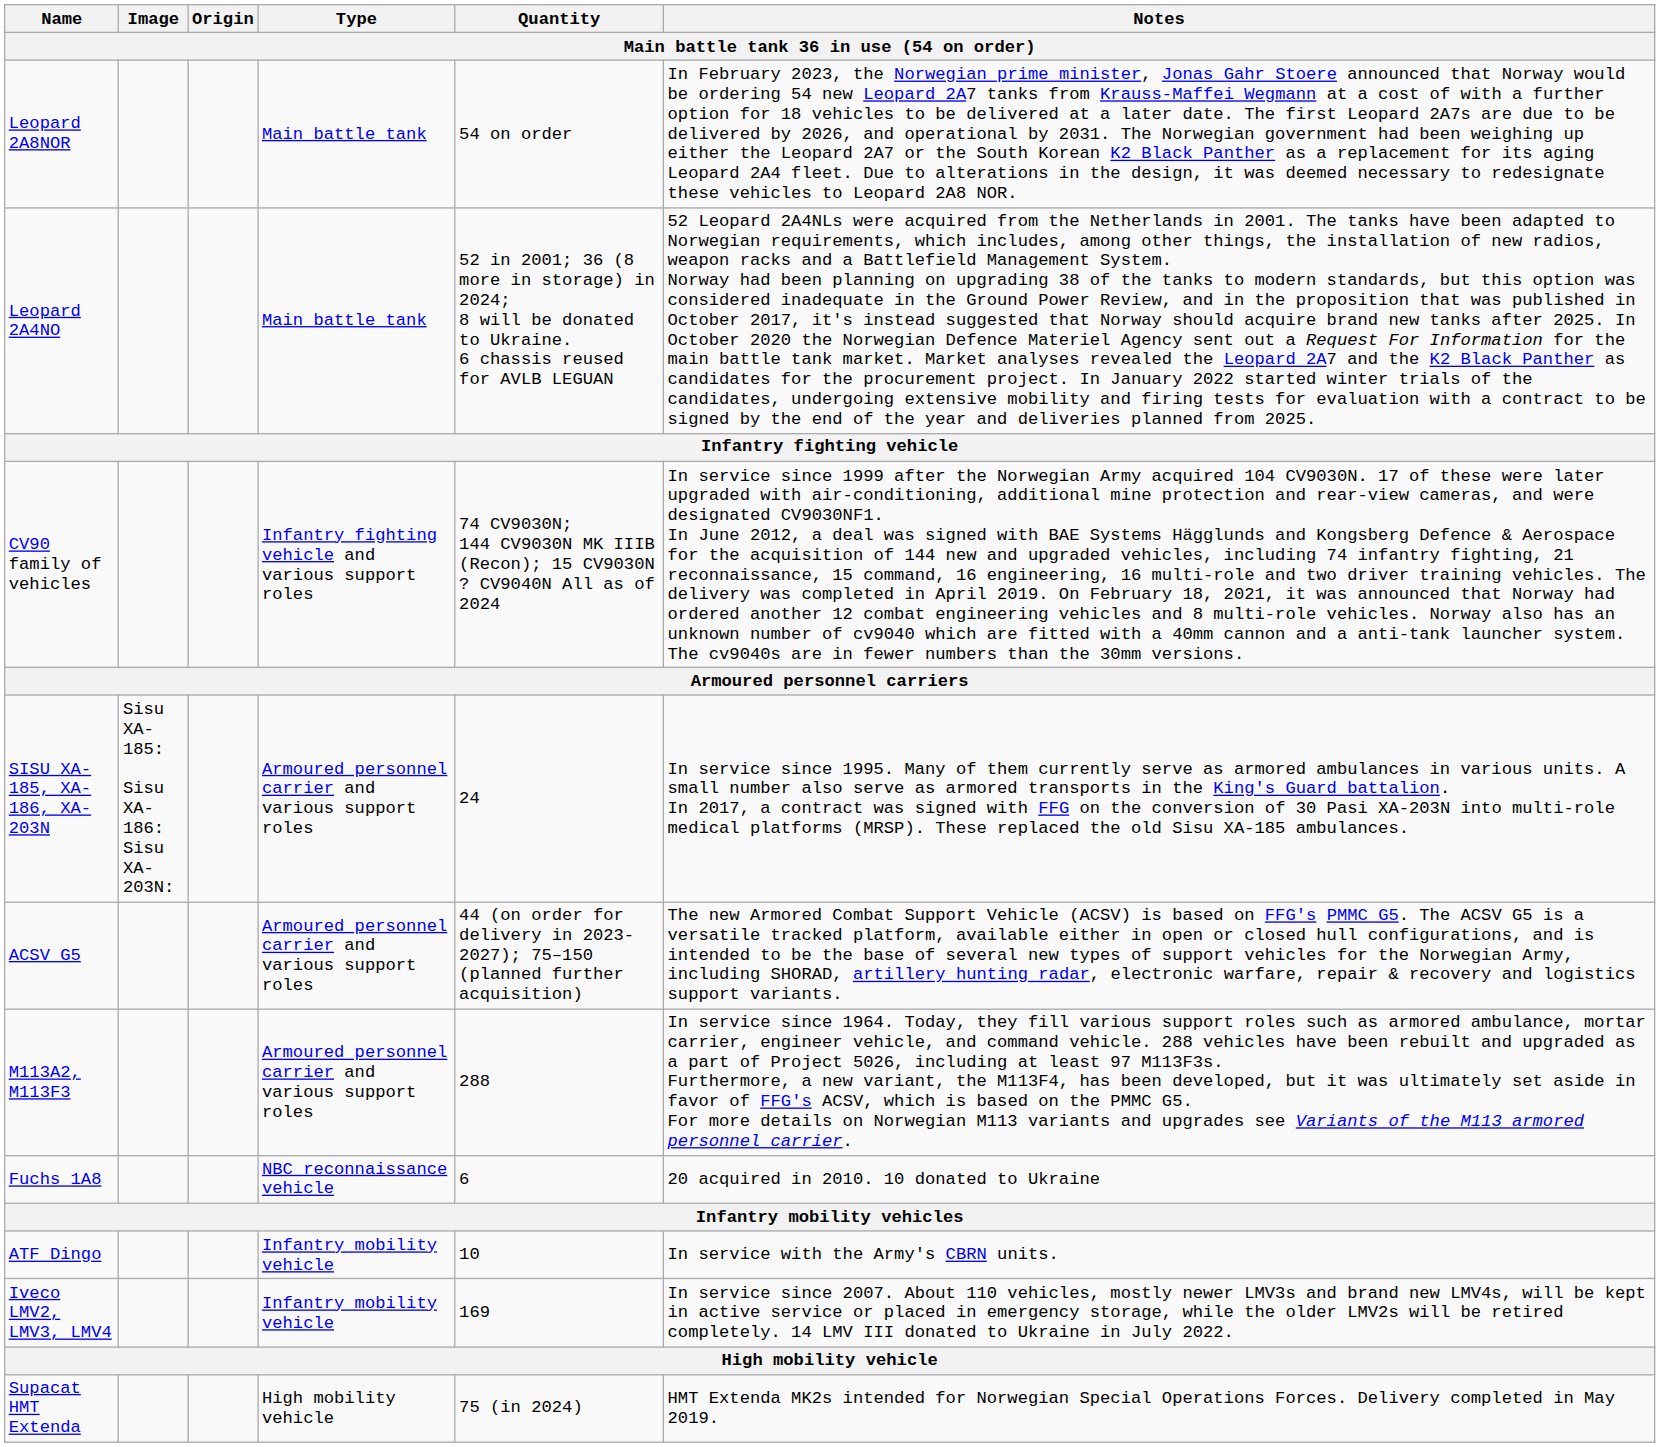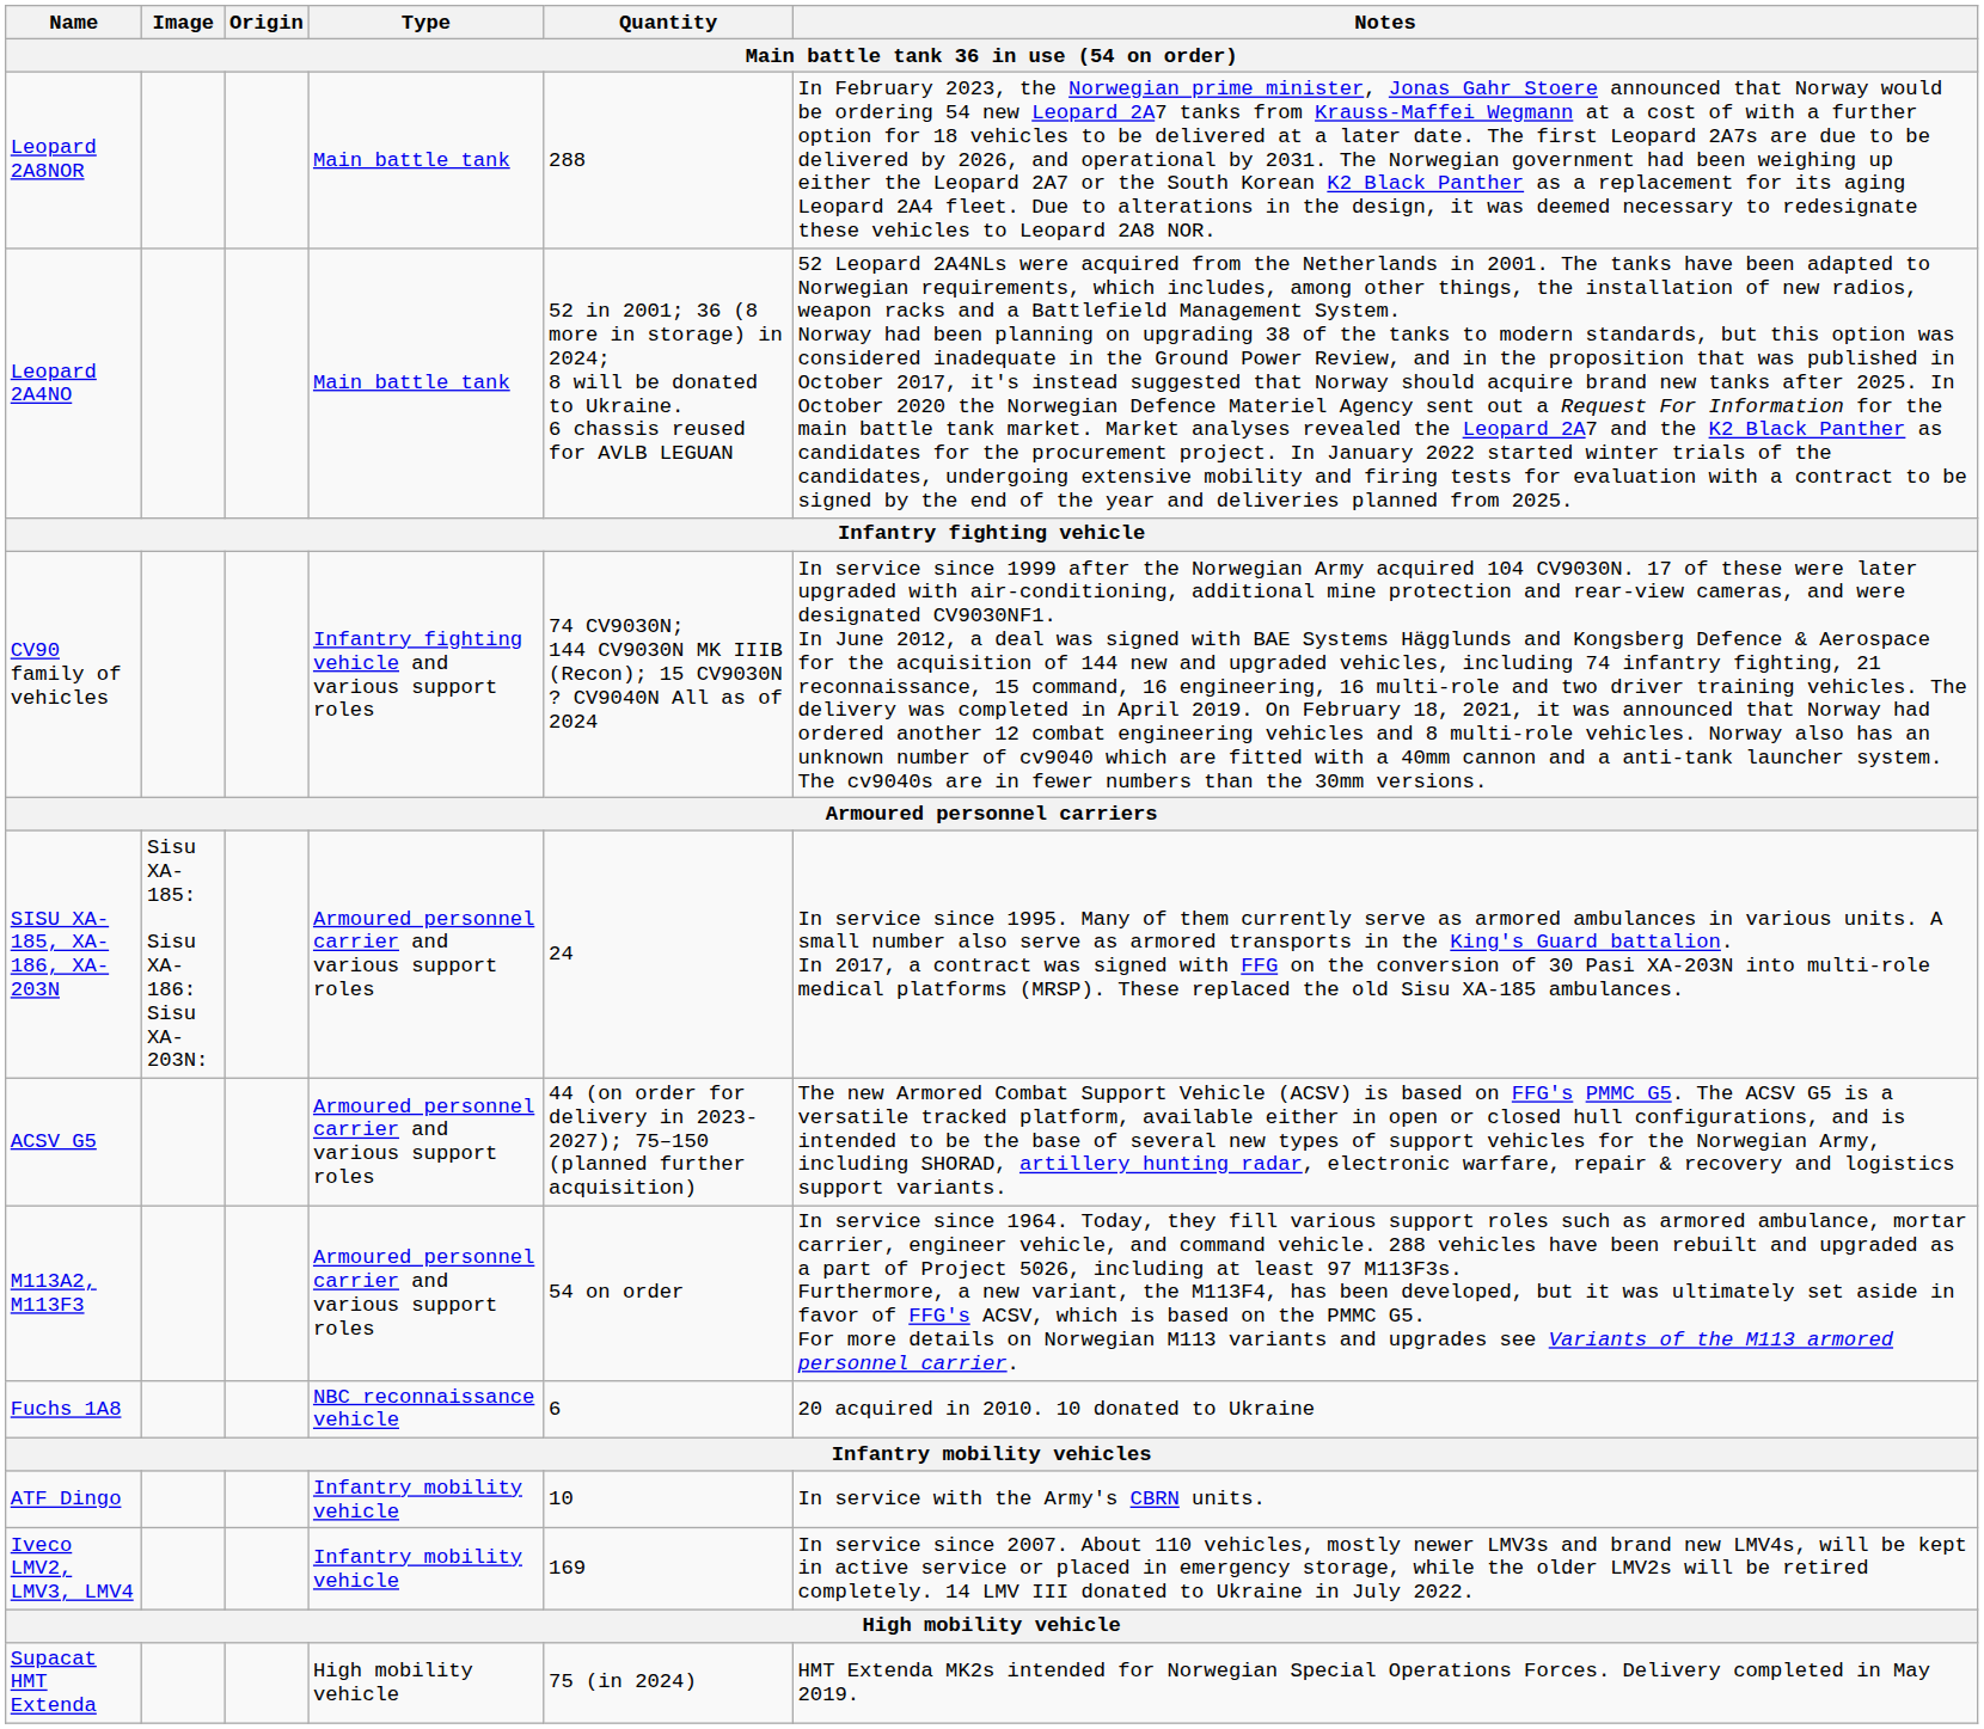 <table class="wikitable">
 <tr>
 <th style="text-align: center;">Name</th>
 <th style="text-align: center;">Image</th>
 <th style="text-align: center;">Origin</th>
 <th style="text-align: center;">Type</th>
 <th style="text-align: center;">Quantity</th>
 <th style="text-align: center;">Notes</th>
 </tr>
 <tr>
 <th colspan="6">Main battle tank 36 in use (54 on order)</th>
 </tr>
 <tr>
 <td><a href='#'>Leopard 2A8NOR</a></td>
 <td></td>
 <td></td>
 <td><a href='#'>Main battle tank</a></td>
-<td>54 on order</td>
+<td>288</td>
 <td>In February 2023, the <a href='#'>Norwegian prime minister</a>, <a href='#'>Jonas Gahr Stoere</a> announced that Norway would be ordering 54 new <a href='#'>Leopard 2A</a>7 tanks from <a href='#'>Krauss-Maffei Wegmann</a> at a cost of  with a further option for 18 vehicles to be delivered at a later date. The first Leopard 2A7s are due to be delivered by 2026, and operational by 2031. The Norwegian government had been weighing up either the Leopard 2A7 or the South Korean <a href='#'>K2 Black Panther</a> as a replacement for its aging Leopard 2A4 fleet. Due to alterations in the design, it was deemed necessary to redesignate these vehicles to Leopard 2A8 NOR.</td>
 </tr>
 <tr>
 <td><a href='#'>Leopard 2A4NO</a></td>
 <td></td>
 <td></td>
 <td><a href='#'>Main battle tank</a></td>
 <td>52 in 2001; 36 (8 more in storage) in 2024;<br>8 will be donated to Ukraine.<br> 6 chassis reused for AVLB LEGUAN</td>
 <td>52 Leopard 2A4NLs were acquired from the Netherlands in 2001. The tanks have been adapted to Norwegian requirements, which includes, among other things, the installation of new radios, weapon racks and a Battlefield Management System.<br>Norway had been planning on upgrading 38 of the tanks to modern standards, but this option was considered inadequate in the Ground Power Review, and in the proposition that was published in October 2017, it's instead suggested that Norway should acquire brand new tanks after 2025. In October 2020 the Norwegian Defence Materiel Agency sent out a <em>Request For Information</em> for the main battle tank market. Market analyses revealed the <a href='#'>Leopard 2A</a>7 and the <a href='#'>K2 Black Panther</a> as candidates for the procurement project. In January 2022 started winter trials  of the candidates, undergoing extensive mobility and firing tests for evaluation with a contract to be signed by the end of the year and deliveries planned from 2025.</td>
 </tr>
 <tr>
 <th colspan="6">Infantry fighting vehicle</th>
 </tr>
 <tr>
 <td><a href='#'>CV90</a> family of vehicles</td>
 <td></td>
 <td></td>
 <td><a href='#'>Infantry fighting vehicle</a> and various support roles</td>
 <td>74 CV9030N;<br>144 CV9030N MK IIIB (Recon); 15 CV9030N ? CV9040N All as of 2024</td>
 <td>In service since 1999 after the Norwegian Army acquired 104 CV9030N. 17 of these were later upgraded with air-conditioning, additional mine protection and rear-view cameras, and were designated CV9030NF1.<br>In June 2012, a deal was signed with BAE Systems Hägglunds and Kongsberg Defence & Aerospace for the acquisition of 144 new and upgraded vehicles, including 74 infantry fighting, 21 reconnaissance, 15 command, 16 engineering, 16 multi-role and two driver training vehicles. The delivery was completed in April 2019. On February 18, 2021, it was announced that Norway had ordered another 12 combat engineering vehicles and 8 multi-role vehicles. Norway also has an unknown number of cv9040 which are fitted with a 40mm cannon and a anti-tank launcher system. The cv9040s are in fewer numbers than the 30mm versions. </td>
 </tr>
 <tr>
 <th colspan="6">Armoured personnel carriers</th>
 </tr>
 <tr>
 <td><a href='#'>SISU XA-185, XA-186, XA-203N</a></td>
 <td>Sisu XA-185:<br><br> Sisu XA-186: <br> Sisu XA-203N: </td>
 <td></td>
 <td><a href='#'>Armoured personnel carrier</a> and various support roles</td>
 <td>24</td>
 <td>In service since 1995. Many of them currently serve as armored ambulances in various units. A small number also serve as armored transports in the <a href='#'>King's Guard battalion</a>.<br>In 2017, a contract was signed with <a href='#'>FFG</a> on the conversion of 30 Pasi XA-203N into multi-role medical platforms (MRSP). These replaced the old Sisu XA-185 ambulances.</td>
 </tr>
 <tr>
 <td><a href='#'>ACSV G5</a></td>
 <td></td>
 <td></td>
 <td><a href='#'>Armoured personnel carrier</a> and various support roles</td>
 <td>44 (on order for delivery in 2023-2027); 75–150 (planned further acquisition)</td>
 <td>The new Armored Combat Support Vehicle (ACSV) is based on <a href='#'>FFG's</a> <a href='#'>PMMC G5</a>. The ACSV G5 is a versatile tracked platform, available either in open or closed hull configurations, and is intended to be the base of several new types of support vehicles for the Norwegian Army, including SHORAD, <a href='#'>artillery hunting radar</a>, electronic warfare, repair & recovery and logistics support variants.</td>
 </tr>
 <tr>
 <td><a href='#'>M113A2, M113F3</a></td>
 <td></td>
 <td></td>
 <td><a href='#'>Armoured personnel carrier</a> and various support roles</td>
-<td>288</td>
+<td>54 on order</td>
 <td>In service since 1964. Today, they fill various support roles such as armored ambulance, mortar carrier, engineer vehicle, and command vehicle. 288 vehicles have been rebuilt and upgraded as a part of Project 5026, including at least 97 M113F3s.<br>Furthermore, a new variant, the M113F4, has been developed, but it was ultimately set aside in favor of <a href='#'>FFG's</a> ACSV, which is based on the PMMC G5.<br>For more details on Norwegian M113 variants and upgrades see <em><a href='#'>Variants of the M113 armored personnel carrier</a></em>.</td>
 </tr>
 <tr>
 <td><a href='#'>Fuchs 1A8</a></td>
 <td></td>
 <td></td>
 <td><a href='#'>NBC reconnaissance vehicle</a></td>
 <td>6</td>
 <td>20 acquired in 2010. 10 donated to Ukraine</td>
 </tr>
 <tr>
 <th colspan="6">Infantry mobility vehicles</th>
 </tr>
 <tr>
 <td><a href='#'>ATF Dingo</a></td>
 <td></td>
 <td></td>
 <td><a href='#'>Infantry mobility vehicle</a></td>
 <td>10</td>
 <td>In service with the Army's <a href='#'>CBRN</a> units.</td>
 </tr>
 <tr>
 <td><a href='#'>Iveco LMV2, LMV3, LMV4</a></td>
 <td></td>
 <td></td>
 <td><a href='#'>Infantry mobility vehicle</a></td>
 <td>169</td>
 <td>In service since 2007. About 110 vehicles, mostly newer LMV3s and brand new LMV4s, will be kept in active service or placed in emergency storage, while the older LMV2s will be retired completely. 14 LMV III donated to Ukraine in July 2022.</td>
 </tr>
 <tr>
 <th colspan="6">High mobility vehicle</th>
 </tr>
 <tr>
 <td><a href='#'>Supacat HMT Extenda</a></td>
 <td></td>
 <td></td>
 <td>High mobility vehicle</td>
 <td>75 (in 2024)</td>
 <td>HMT Extenda MK2s intended for Norwegian Special Operations Forces. Delivery completed in May 2019.</td>
 </tr>
 </table>
